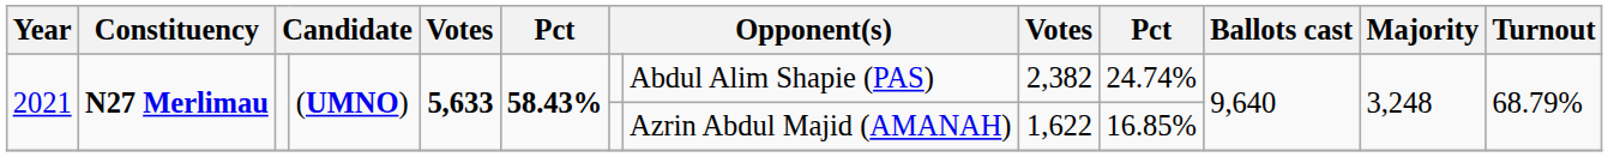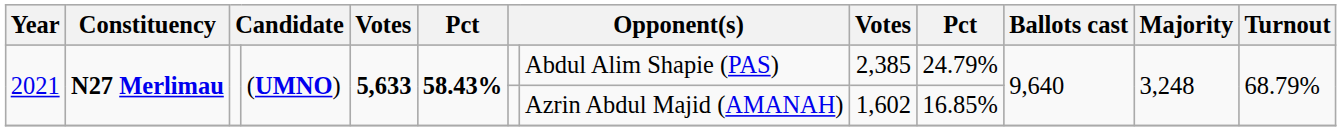 <table class="wikitable" style="margin:0.5em ; font-size:95%">
 <tr>
 <th>Year</th>
 <th>Constituency</th>
 <th colspan=2>Candidate</th>
 <th>Votes</th>
 <th>Pct</th>
 <th colspan=2>Opponent(s)</th>
 <th>Votes</th>
 <th>Pct</th>
 <th>Ballots cast</th>
 <th>Majority</th>
 <th>Turnout</th>
 </tr>
 <tr>
 <td rowspan=2><a href='#'>2021</a></td>
 <td rowspan=2><strong>N27 <a href='#'>Merlimau</a></strong></td>
 <td rowspan=2 ></td>
 <td rowspan=2> (<a href='#'><strong>UMNO</strong></a>)</td>
 <td rowspan=2 align="right"><strong>5,633</strong></td>
 <td rowspan=2><strong>58.43%</strong></td>
 <td></td>
 <td>Abdul Alim Shapie (<a href='#'>PAS</a>)</td>
-<td align="right">2,382</td>
-<td>24.74%</td>
+<td align="right">2,385</td>
+<td>24.79%</td>
 <td rowspan=2>9,640</td>
 <td rowspan=2>3,248</td>
 <td rowspan=2>68.79%</td>
 </tr>
 <tr>
 <td bgcolor=></td>
 <td>Azrin Abdul Majid (<a href='#'>AMANAH</a>)</td>
-<td align="right">1,622</td>
+<td align="right">1,602</td>
 <td>16.85%</td>
 </tr>
 <tr>
 </tr>
 </table>
